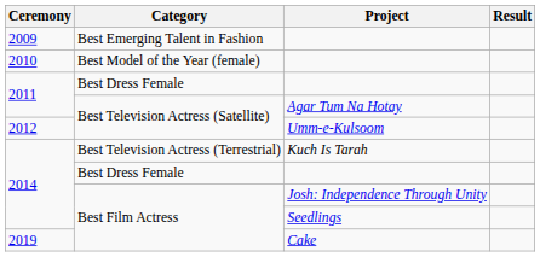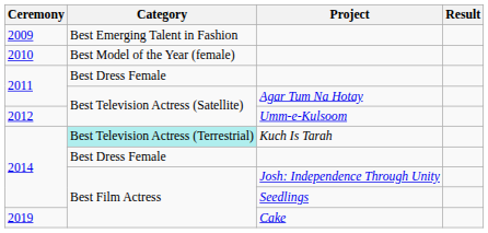 <table class="wikitable style">
 <tr>
 <th>Ceremony</th>
 <th>Category</th>
 <th>Project</th>
 <th>Result</th>
 </tr>
 <tr>
 <td><a href='#'>2009</a></td>
 <td>Best Emerging Talent in Fashion</td>
 <td></td>
 <td></td>
 </tr>
 <tr>
 <td><a href='#'>2010</a></td>
 <td>Best Model of the Year (female)</td>
 <td></td>
 <td></td>
 </tr>
 <tr>
 <td rowspan="2"><a href='#'>2011</a></td>
 <td>Best Dress Female</td>
 <td></td>
 <td></td>
 </tr>
 <tr>
 <td rowspan="2">Best Television Actress (Satellite)</td>
 <td><em><a href='#'>Agar Tum Na Hotay</a></em></td>
 <td></td>
 </tr>
 <tr>
 <td><a href='#'>2012</a></td>
 <td><em><a href='#'>Umm-e-Kulsoom</a></em></td>
 <td></td>
 </tr>
 <tr>
 <td rowspan="4"><a href='#'>2014</a></td>
-<td>Best Television Actress (Terrestrial)</td>
+<td style="background: paleturquoise;">Best Television Actress (Terrestrial)</td>
 <td><em>Kuch Is Tarah</em></td>
 <td></td>
 </tr>
 <tr>
 <td>Best Dress Female</td>
 <td></td>
 <td></td>
 </tr>
 <tr>
 <td Rowspan="3">Best Film Actress</td>
 <td><em><a href='#'>Josh: Independence Through Unity</a></em></td>
 <td></td>
 </tr>
 <tr>
 <td><em><a href='#'>Seedlings</a></em></td>
 <td></td>
 </tr>
 <tr>
 <td><a href='#'>2019</a></td>
 <td><em><a href='#'>Cake</a></em></td>
 <td></td>
 </tr>
 </table>
